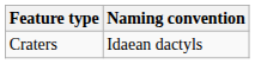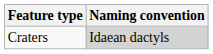 <table class="wikitable">
 <tr>
 <th>Feature type</th>
 <th>Naming convention</th>
 </tr>
 <tr>
 <td>Craters</td>
-<td>Idaean dactyls</td>
+<td style="background: lightgrey;">Idaean dactyls</td>
 </tr>
 </table>
